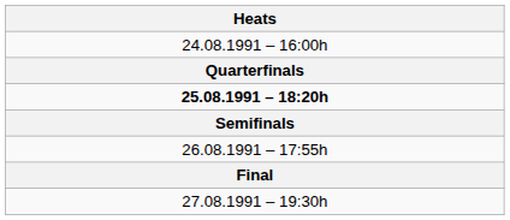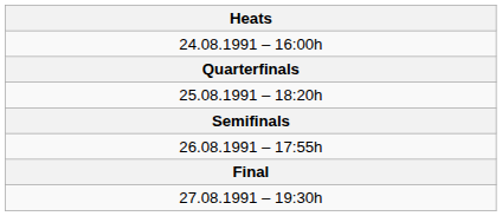 <table class="wikitable" style=" text-align:center; font-size:110%;" width="35%">
 <tr>
 <th>Heats</th>
 </tr>
 <tr>
 <td>24.08.1991 – 16:00h</td>
 </tr>
 <tr>
 <th>Quarterfinals</th>
 </tr>
 <tr>
-<td><strong>25.08.1991 – 18:20h</strong></td>
+<td>25.08.1991 – 18:20h</td>
 </tr>
 <tr>
 <th>Semifinals</th>
 </tr>
 <tr>
 <td>26.08.1991 – 17:55h</td>
 </tr>
 <tr>
 <th>Final</th>
 </tr>
 <tr>
 <td>27.08.1991 – 19:30h</td>
 </tr>
 </table>
